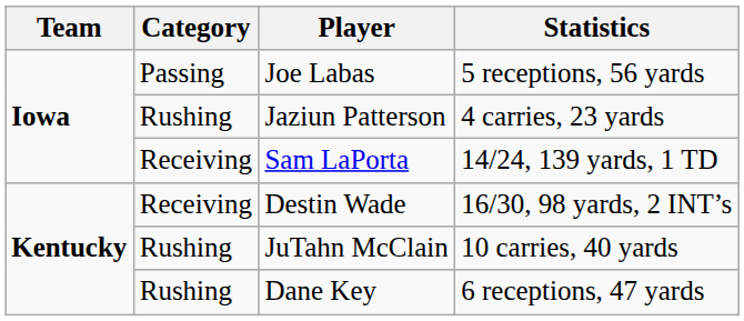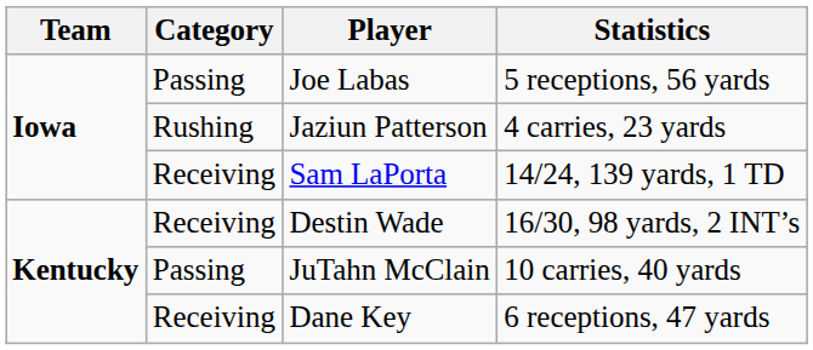 <table class="wikitable" style="float: right;">
 <tr>
 <th>Team</th>
 <th>Category</th>
 <th>Player</th>
 <th>Statistics</th>
 </tr>
 <tr>
 <td rowspan=3><strong>Iowa</strong></td>
 <td>Passing</td>
 <td>Joe Labas</td>
 <td>5 receptions, 56 yards</td>
 </tr>
 <tr>
 <td>Rushing</td>
 <td>Jaziun Patterson</td>
 <td>4 carries, 23 yards</td>
 </tr>
 <tr>
 <td>Receiving</td>
 <td><a href='#'>Sam LaPorta</a></td>
 <td>14/24, 139 yards, 1 TD</td>
 </tr>
 <tr>
 <td rowspan=3><strong>Kentucky</strong></td>
 <td>Receiving</td>
 <td>Destin Wade</td>
 <td>16/30, 98 yards, 2 INT’s</td>
 </tr>
 <tr>
-<td>Rushing</td>
+<td>Passing</td>
 <td>JuTahn McClain</td>
 <td>10 carries, 40 yards</td>
 </tr>
 <tr>
-<td>Rushing</td>
+<td>Receiving</td>
 <td>Dane Key</td>
 <td>6 receptions, 47 yards</td>
 </tr>
 </table>
